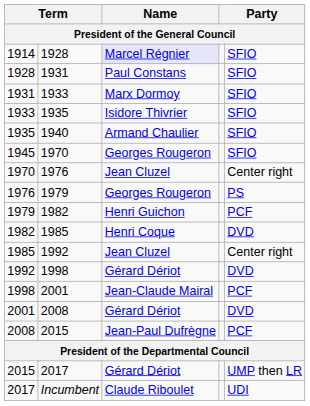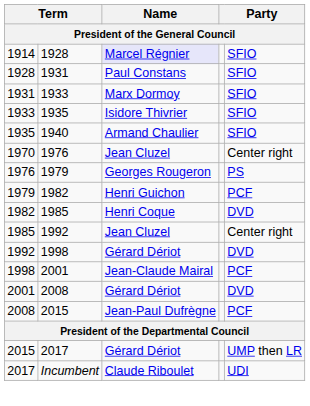 <table class="wikitable">
 <tr>
 <th colspan="2">Term</th>
 <th>Name</th>
 <th colspan="2">Party</th>
 </tr>
 <tr>
 <th colspan="5"><small>President of the General Council</small></th>
 </tr>
 <tr>
 <td>1914</td>
 <td>1928</td>
 <td style="background: lavender;"><a href='#'>Marcel Régnier</a></td>
 <td style="color:inherit;background:"></td>
 <td><a href='#'>SFIO</a></td>
 </tr>
 <tr>
 <td>1928</td>
 <td>1931</td>
 <td><a href='#'>Paul Constans</a></td>
 <td style="color:inherit;background:"></td>
 <td><a href='#'>SFIO</a></td>
 </tr>
 <tr>
 <td>1931</td>
 <td>1933</td>
 <td><a href='#'>Marx Dormoy</a></td>
 <td style="color:inherit;background:"></td>
 <td><a href='#'>SFIO</a></td>
 </tr>
 <tr>
 <td>1933</td>
 <td>1935</td>
 <td><a href='#'>Isidore Thivrier</a></td>
 <td style="color:inherit;background:"></td>
 <td><a href='#'>SFIO</a></td>
 </tr>
 <tr>
 <td>1935</td>
 <td>1940</td>
 <td><a href='#'>Armand Chaulier</a></td>
-<td style="color:inherit;background:"></td>
-<td><a href='#'>SFIO</a></td>
-</tr>
-<tr>
-<td>1945</td>
-<td>1970</td>
-<td><a href='#'>Georges Rougeron</a></td>
 <td style="color:inherit;background:"></td>
 <td><a href='#'>SFIO</a></td>
 </tr>
 <tr>
 <td>1970</td>
 <td>1976</td>
 <td><a href='#'>Jean Cluzel</a></td>
 <td style="color:inherit;background:"></td>
 <td>Center right</td>
 </tr>
 <tr>
 <td>1976</td>
 <td>1979</td>
 <td><a href='#'>Georges Rougeron</a></td>
 <td style="color:inherit;background:"></td>
 <td><a href='#'>PS</a></td>
 </tr>
 <tr>
 <td>1979</td>
 <td>1982</td>
 <td><a href='#'>Henri Guichon</a></td>
 <td style="color:inherit;background:"></td>
 <td><a href='#'>PCF</a></td>
 </tr>
 <tr>
 <td>1982</td>
 <td>1985</td>
 <td><a href='#'>Henri Coque</a></td>
 <td style="color:inherit;background:"></td>
 <td><a href='#'>DVD</a></td>
 </tr>
 <tr>
 <td>1985</td>
 <td>1992</td>
 <td><a href='#'>Jean Cluzel</a></td>
 <td style="color:inherit;background:"></td>
 <td>Center right</td>
 </tr>
 <tr>
 <td>1992</td>
 <td>1998</td>
 <td><a href='#'>Gérard Dériot</a></td>
 <td style="color:inherit;background:"></td>
 <td><a href='#'>DVD</a></td>
 </tr>
 <tr>
 <td>1998</td>
 <td>2001</td>
 <td><a href='#'>Jean-Claude Mairal</a></td>
 <td style="color:inherit;background:"></td>
 <td><a href='#'>PCF</a></td>
 </tr>
 <tr>
 <td>2001</td>
 <td>2008</td>
 <td><a href='#'>Gérard Dériot</a></td>
 <td style="color:inherit;background:"></td>
 <td><a href='#'>DVD</a></td>
 </tr>
 <tr>
 <td>2008</td>
 <td>2015</td>
 <td><a href='#'>Jean-Paul Dufrègne</a></td>
 <td style="color:inherit;background:"></td>
 <td><a href='#'>PCF</a></td>
 </tr>
 <tr>
 <th colspan="5"><small>President of the Departmental Council</small></th>
 </tr>
 <tr>
 <td>2015</td>
 <td>2017</td>
 <td><a href='#'>Gérard Dériot</a></td>
 <td style="color:inherit;background:"></td>
 <td><a href='#'>UMP</a> then <a href='#'>LR</a></td>
 </tr>
 <tr>
 <td>2017</td>
 <td><em>Incumbent</em></td>
 <td><a href='#'>Claude Riboulet</a></td>
 <td style="color:inherit;background:"></td>
 <td><a href='#'>UDI</a></td>
 </tr>
 </table>
